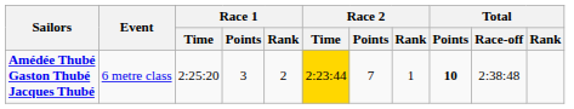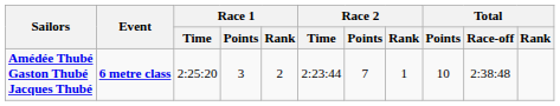 <table class=wikitable style="font-size:90%">
 <tr>
 <th rowspan=2>Sailors</th>
 <th rowspan=2>Event</th>
 <th colspan=3>Race 1</th>
 <th colspan=3>Race 2</th>
 <th colspan=3>Total</th>
 </tr>
 <tr>
 <th>Time</th>
 <th>Points</th>
 <th>Rank</th>
 <th>Time</th>
 <th>Points</th>
 <th>Rank</th>
 <th>Points</th>
 <th>Race-off</th>
 <th>Rank</th>
 </tr>
 <tr>
 <td><strong><a href='#'>Amédée Thubé</a> <br> <a href='#'>Gaston Thubé</a> <br> <a href='#'>Jacques Thubé</a></strong></td>
-<td><a href='#'>6 metre class</a></td>
+<td><strong><a href='#'>6 metre class</a></strong></td>
 <td align=center>2:25:20</td>
 <td align=center>3</td>
 <td align=center>2</td>
-<td align=center style="background: gold;">2:23:44</td>
+<td align=center>2:23:44</td>
 <td align=center>7</td>
 <td align=center>1</td>
-<td align=center><strong>10</strong></td>
+<td align=center>10</td>
 <td align=center>2:38:48</td>
 <td align=center></td>
 </tr>
 </table>
